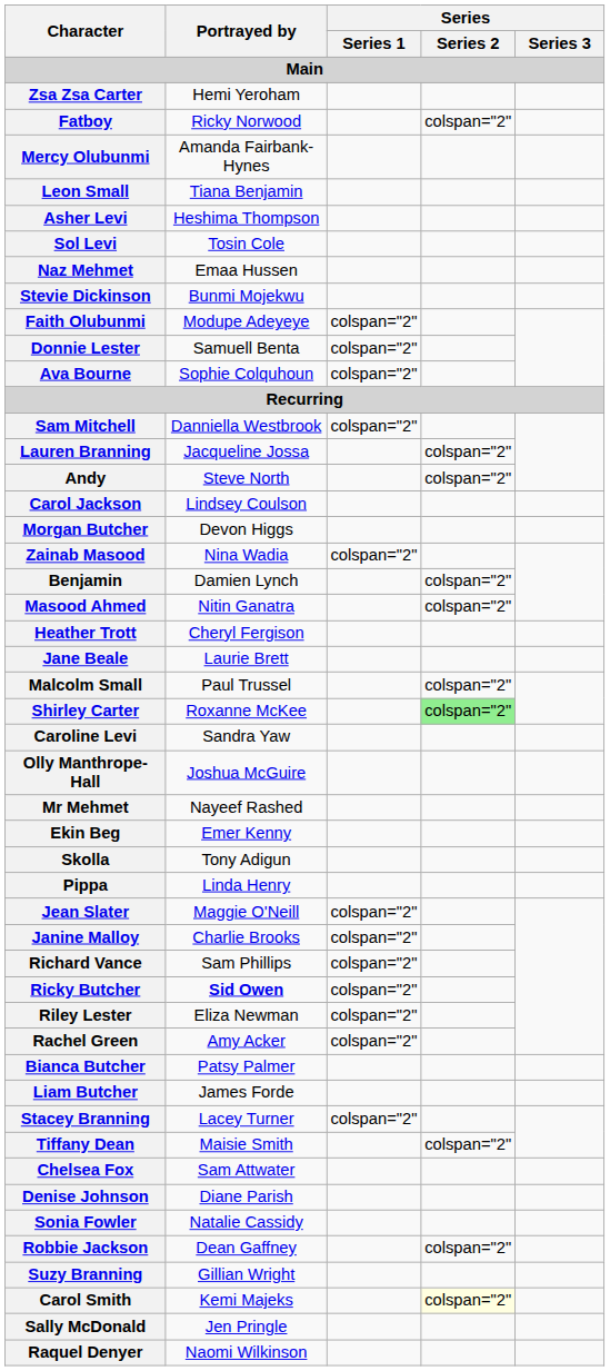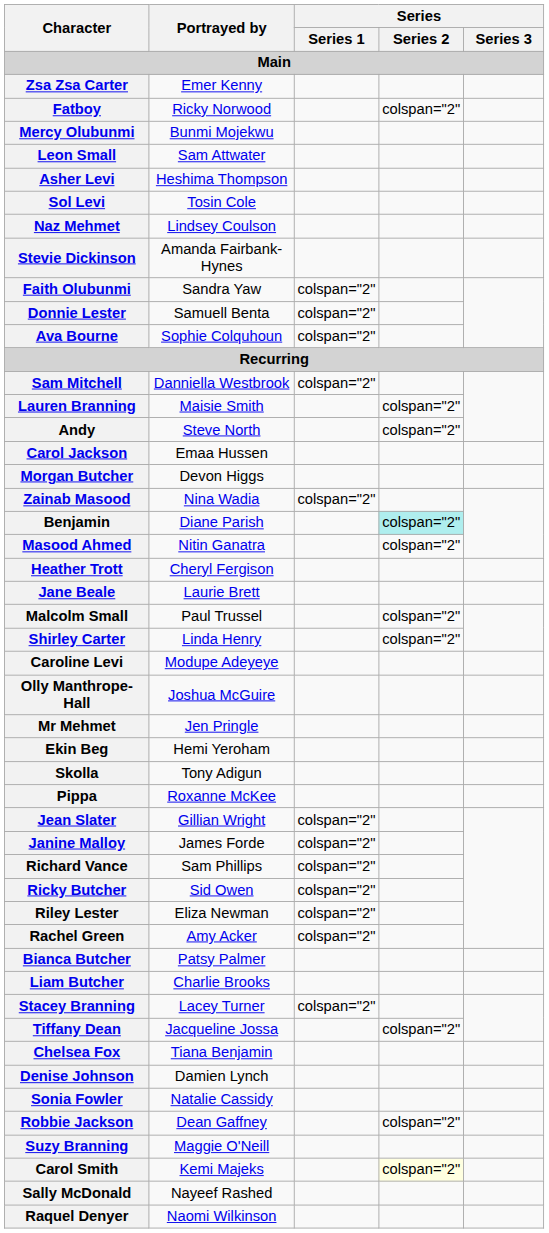 <table class="wikitable" style="text-align:center;">
 <tr>
 <th rowspan="2" style="width:150px;">Character</th>
 <th style="width:150px;" rowspan="2">Portrayed by</th>
 <th colspan="3">Series</th>
 </tr>
 <tr>
 <th style="width:80px;">Series 1</th>
 <th style="width:80px;">Series 2</th>
 <th style="width:80px;">Series 3</th>
 </tr>
 <tr>
 <th colspan="5" style="background:lightgrey;"><strong>Main</strong></th>
 </tr>
 <tr>
 <th><a href='#'>Zsa Zsa Carter</a></th>
-<td>Hemi Yeroham</td>
+<td><a href='#'>Emer Kenny</a></td>
 <td></td>
 <td></td>
 <td></td>
 </tr>
 <tr>
 <th><a href='#'>Fatboy</a></th>
 <td><a href='#'>Ricky Norwood</a></td>
 <td></td>
 <td>colspan="2" </td>
 </tr>
 <tr>
 <th><a href='#'>Mercy Olubunmi</a></th>
-<td>Amanda Fairbank-Hynes</td>
+<td><a href='#'>Bunmi Mojekwu</a></td>
 <td></td>
 <td></td>
 <td></td>
 </tr>
 <tr>
 <th><a href='#'>Leon Small</a></th>
-<td><a href='#'>Tiana Benjamin</a></td>
+<td><a href='#'>Sam Attwater</a></td>
 <td></td>
 <td></td>
 <td></td>
 </tr>
 <tr>
 <th><a href='#'>Asher Levi</a></th>
 <td><a href='#'>Heshima Thompson</a></td>
 <td></td>
 <td></td>
 <td></td>
 </tr>
 <tr>
 <th><a href='#'>Sol Levi</a></th>
 <td><a href='#'>Tosin Cole</a></td>
 <td></td>
 <td></td>
 <td></td>
 </tr>
 <tr>
 <th><a href='#'>Naz Mehmet</a></th>
-<td>Emaa Hussen</td>
+<td><a href='#'>Lindsey Coulson</a></td>
 <td></td>
 <td></td>
 <td></td>
 </tr>
 <tr>
 <th><a href='#'>Stevie Dickinson</a></th>
-<td><a href='#'>Bunmi Mojekwu</a></td>
+<td>Amanda Fairbank-Hynes</td>
 <td></td>
 <td></td>
 <td></td>
 </tr>
 <tr>
 <th><a href='#'>Faith Olubunmi</a></th>
-<td><a href='#'>Modupe Adeyeye</a></td>
+<td>Sandra Yaw</td>
 <td>colspan="2" </td>
 <td></td>
 </tr>
 <tr>
 <th><a href='#'>Donnie Lester</a></th>
 <td>Samuell Benta</td>
 <td>colspan="2" </td>
 <td></td>
 </tr>
 <tr>
 <th><a href='#'>Ava Bourne</a></th>
 <td><a href='#'>Sophie Colquhoun</a></td>
 <td>colspan="2" </td>
 <td></td>
 </tr>
 <tr>
 <th colspan="6" style="background:lightgrey;"><strong>Recurring</strong></th>
 </tr>
 <tr>
 <th><a href='#'>Sam Mitchell</a></th>
 <td><a href='#'>Danniella Westbrook</a></td>
 <td>colspan="2" </td>
 <td></td>
 </tr>
 <tr>
 <th><a href='#'>Lauren Branning</a></th>
-<td><a href='#'>Jacqueline Jossa</a></td>
+<td><a href='#'>Maisie Smith</a></td>
 <td></td>
 <td>colspan="2" </td>
 </tr>
 <tr>
 <th>Andy</th>
 <td><a href='#'>Steve North</a></td>
 <td></td>
 <td>colspan="2" </td>
 </tr>
 <tr>
 <th><a href='#'>Carol Jackson</a></th>
-<td><a href='#'>Lindsey Coulson</a></td>
+<td>Emaa Hussen</td>
 <td></td>
 <td></td>
 <td></td>
 </tr>
 <tr>
 <th><a href='#'>Morgan Butcher</a></th>
 <td>Devon Higgs</td>
 <td></td>
 <td></td>
 <td></td>
 </tr>
 <tr>
 <th><a href='#'>Zainab Masood</a></th>
 <td><a href='#'>Nina Wadia</a></td>
 <td>colspan="2" </td>
 <td></td>
 </tr>
 <tr>
 <th>Benjamin</th>
-<td>Damien Lynch</td>
+<td><a href='#'>Diane Parish</a></td>
 <td></td>
-<td>colspan="2" </td>
+<td style="background: paleturquoise;">colspan="2" </td>
 </tr>
 <tr>
 <th><a href='#'>Masood Ahmed</a></th>
 <td><a href='#'>Nitin Ganatra</a></td>
 <td></td>
 <td>colspan="2" </td>
 </tr>
 <tr>
 <th><a href='#'>Heather Trott</a></th>
 <td><a href='#'>Cheryl Fergison</a></td>
 <td></td>
 <td></td>
 <td></td>
 </tr>
 <tr>
 <th><a href='#'>Jane Beale</a></th>
 <td><a href='#'>Laurie Brett</a></td>
 <td></td>
 <td></td>
 <td></td>
 </tr>
 <tr>
 <th>Malcolm Small</th>
 <td>Paul Trussel</td>
 <td></td>
 <td>colspan="2" </td>
 </tr>
 <tr>
 <th><a href='#'>Shirley Carter</a></th>
-<td><a href='#'>Roxanne McKee</a></td>
+<td><a href='#'>Linda Henry</a></td>
 <td></td>
-<td style="background: lightgreen;">colspan="2" </td>
+<td>colspan="2" </td>
 </tr>
 <tr>
 <th>Caroline Levi</th>
-<td>Sandra Yaw</td>
+<td><a href='#'>Modupe Adeyeye</a></td>
 <td></td>
 <td></td>
 <td></td>
 </tr>
 <tr>
 <th>Olly Manthrope-Hall</th>
 <td><a href='#'>Joshua McGuire</a></td>
 <td></td>
 <td></td>
 <td></td>
 </tr>
 <tr>
 <th>Mr Mehmet</th>
-<td>Nayeef Rashed</td>
+<td><a href='#'>Jen Pringle</a></td>
 <td></td>
 <td></td>
 <td></td>
 </tr>
 <tr>
 <th>Ekin Beg</th>
-<td><a href='#'>Emer Kenny</a></td>
+<td>Hemi Yeroham</td>
 <td></td>
 <td></td>
 <td></td>
 </tr>
 <tr>
 <th>Skolla</th>
 <td>Tony Adigun</td>
 <td></td>
 <td></td>
 <td></td>
 </tr>
 <tr>
 <th>Pippa</th>
-<td><a href='#'>Linda Henry</a></td>
+<td><a href='#'>Roxanne McKee</a></td>
 <td></td>
 <td></td>
 <td></td>
 </tr>
 <tr>
 <th><a href='#'>Jean Slater</a></th>
-<td><a href='#'>Maggie O'Neill</a></td>
+<td><a href='#'>Gillian Wright</a></td>
 <td>colspan="2" </td>
 <td></td>
 </tr>
 <tr>
 <th><a href='#'>Janine Malloy</a></th>
-<td><a href='#'>Charlie Brooks</a></td>
+<td>James Forde</td>
 <td>colspan="2" </td>
 <td></td>
 </tr>
 <tr>
 <th>Richard Vance</th>
 <td>Sam Phillips</td>
 <td>colspan="2" </td>
 <td></td>
 </tr>
 <tr>
 <th><a href='#'>Ricky Butcher</a></th>
-<td><strong><a href='#'>Sid Owen</a></strong></td>
+<td><a href='#'>Sid Owen</a></td>
 <td>colspan="2"</td>
 <td></td>
 </tr>
 <tr>
 <th>Riley Lester</th>
 <td>Eliza Newman</td>
 <td>colspan="2" </td>
 <td></td>
 </tr>
 <tr>
 <th>Rachel Green</th>
 <td><a href='#'>Amy Acker</a></td>
 <td>colspan="2"</td>
 <td></td>
 </tr>
 <tr>
 <th><a href='#'>Bianca Butcher</a></th>
 <td><a href='#'>Patsy Palmer</a></td>
 <td></td>
 <td></td>
 <td></td>
 </tr>
 <tr>
 <th><a href='#'>Liam Butcher</a></th>
-<td>James Forde</td>
+<td><a href='#'>Charlie Brooks</a></td>
 <td></td>
 <td></td>
 <td></td>
 </tr>
 <tr>
 <th><a href='#'>Stacey Branning</a></th>
 <td><a href='#'>Lacey Turner</a></td>
 <td>colspan="2"</td>
 <td></td>
 </tr>
 <tr>
 <th><a href='#'>Tiffany Dean</a></th>
-<td><a href='#'>Maisie Smith</a></td>
+<td><a href='#'>Jacqueline Jossa</a></td>
 <td></td>
 <td>colspan="2"</td>
 </tr>
 <tr>
 <th><a href='#'>Chelsea Fox</a></th>
-<td><a href='#'>Sam Attwater</a></td>
+<td><a href='#'>Tiana Benjamin</a></td>
 <td></td>
 <td></td>
 <td></td>
 </tr>
 <tr>
 <th><a href='#'>Denise Johnson</a></th>
-<td><a href='#'>Diane Parish</a></td>
+<td>Damien Lynch</td>
 <td></td>
 <td></td>
 <td></td>
 </tr>
 <tr>
 <th><a href='#'>Sonia Fowler</a></th>
 <td><a href='#'>Natalie Cassidy</a></td>
 <td></td>
 <td></td>
 <td></td>
 </tr>
 <tr>
 <th><a href='#'>Robbie Jackson</a></th>
 <td><a href='#'>Dean Gaffney</a></td>
 <td></td>
 <td>colspan="2"</td>
 </tr>
 <tr>
 <th><a href='#'>Suzy Branning</a></th>
-<td><a href='#'>Gillian Wright</a></td>
+<td><a href='#'>Maggie O'Neill</a></td>
 <td></td>
 <td></td>
 <td></td>
 </tr>
 <tr>
 <th>Carol Smith</th>
 <td><a href='#'>Kemi Majeks</a></td>
 <td></td>
 <td style="background: lightyellow;">colspan="2"</td>
 </tr>
 <tr>
 <th>Sally McDonald</th>
-<td><a href='#'>Jen Pringle</a></td>
+<td>Nayeef Rashed</td>
 <td></td>
 <td></td>
 <td></td>
 </tr>
 <tr>
 <th>Raquel Denyer</th>
 <td><a href='#'>Naomi Wilkinson</a></td>
 <td></td>
 <td></td>
 <td></td>
 </tr>
 </table>
